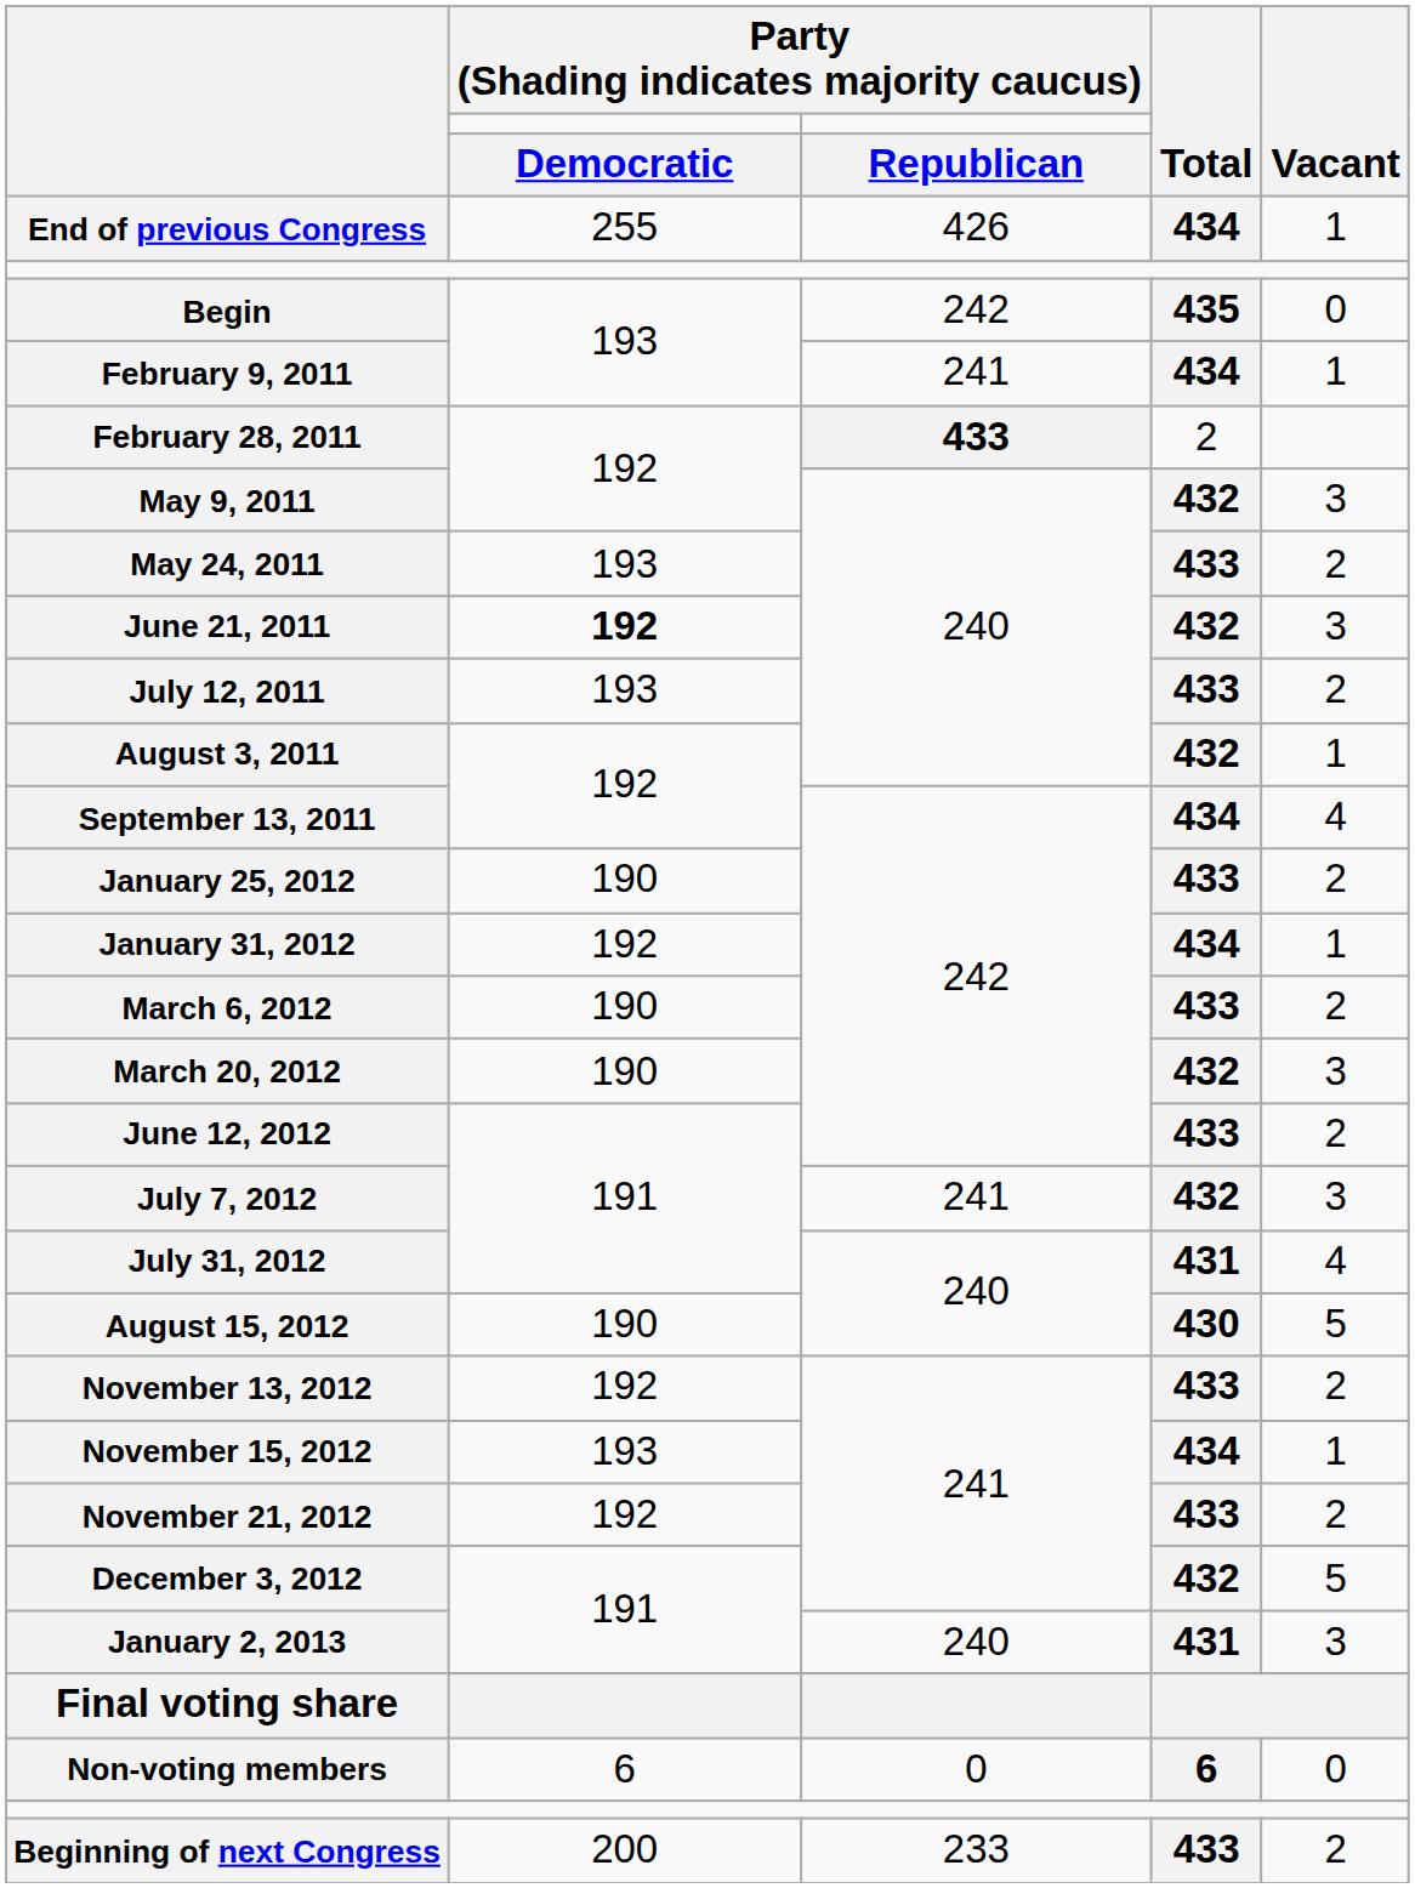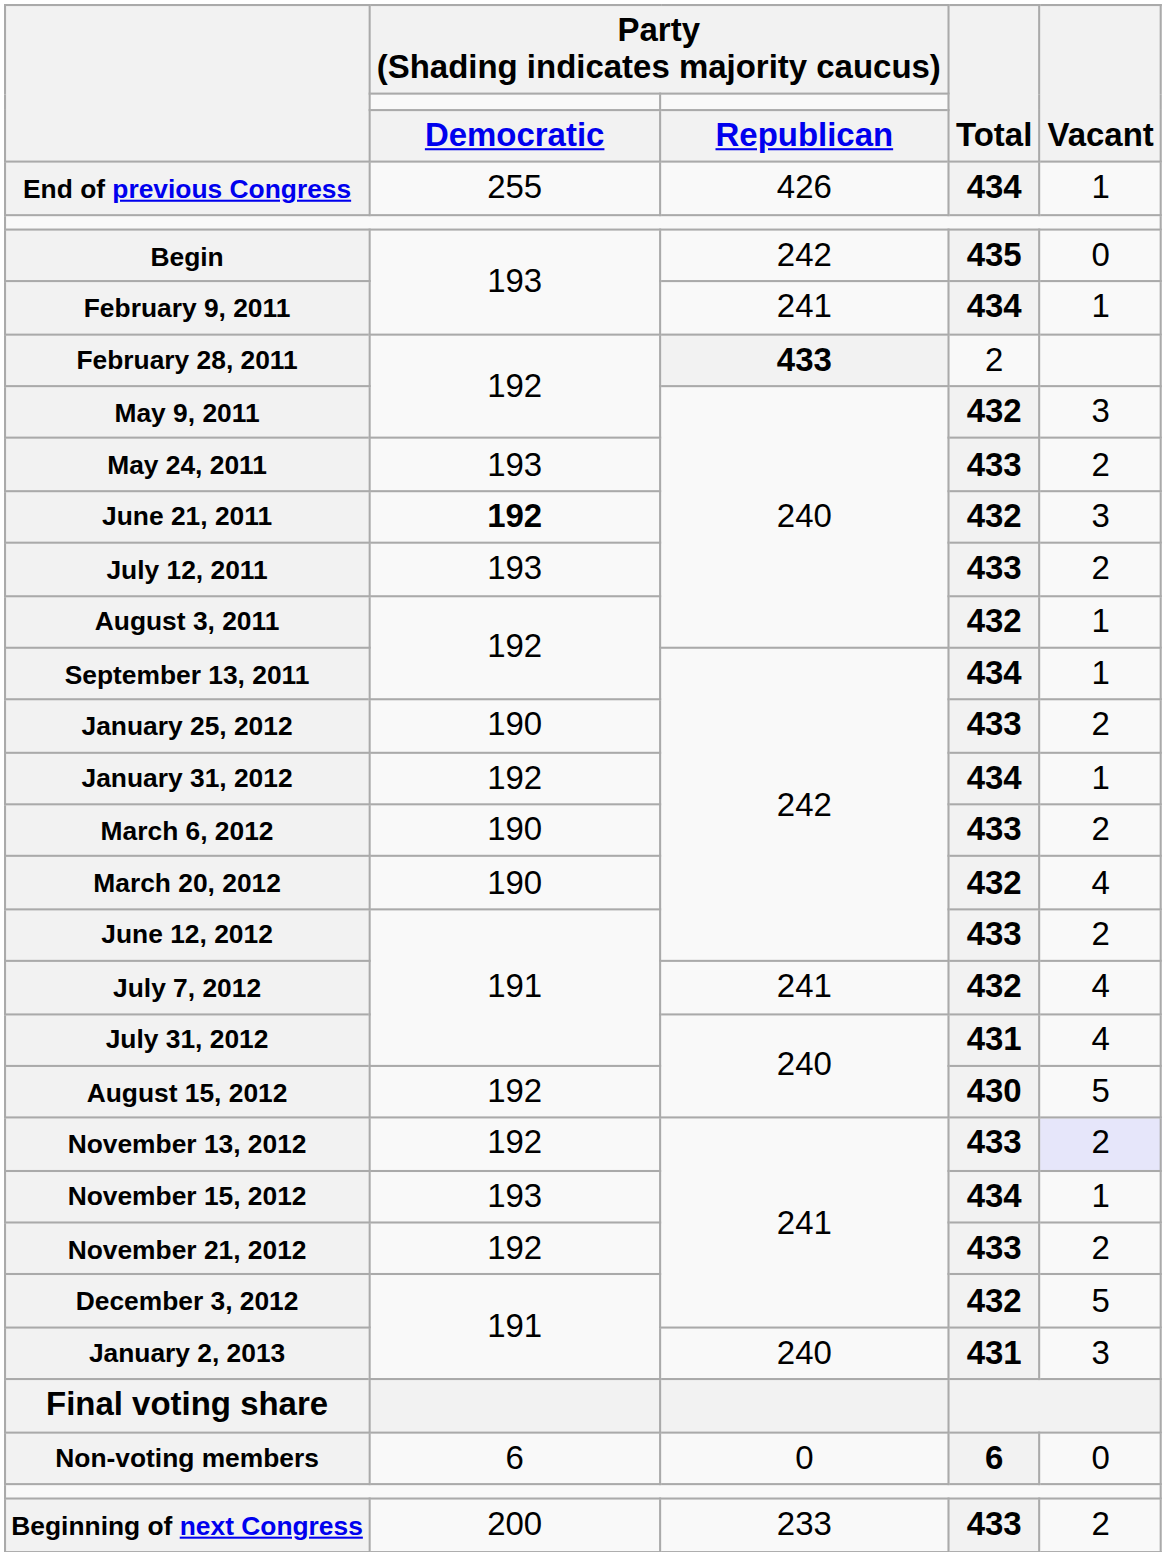 <table class=wikitable style="text-align:center">
 <tr style="vertical-align:bottom;">
 <th rowspan=3></th>
 <th colspan=2>Party <div>(Shading indicates majority caucus)</div></th>
 <th rowspan=3>Total</th>
 <th rowspan=3>Vacant</th>
 </tr>
 <tr style="height:5px">
 <td style="background-color:"></td>
 <td style="background-color:"></td>
 </tr>
 <tr>
 <th><a href='#'>Democratic</a></th>
 <th><a href='#'>Republican</a></th>
 </tr>
 <tr>
 <th style="font-size:80%">End of <a href='#'>previous Congress</a></th>
 <td>255</td>
 <td>426</td>
 <th>434</th>
 <td>1</td>
 </tr>
 <tr>
 <td colspan=6></td>
 </tr>
 <tr>
 <th style="font-size:80%">Begin</th>
 <td rowspan=2>193</td>
 <td>242</td>
 <th>435</th>
 <td>0</td>
 </tr>
 <tr>
 <th style="font-size:80%">February 9, 2011 </th>
 <td>241</td>
 <th>434</th>
 <td>1</td>
 </tr>
 <tr>
 <th style="font-size:80%">February 28, 2011 </th>
 <td rowspan=2>192</td>
 <th>433</th>
 <td>2</td>
 </tr>
 <tr>
 <th style="font-size:80%">May 9, 2011 </th>
 <td rowspan=5 >240</td>
 <th>432</th>
 <td>3</td>
 </tr>
 <tr>
 <th style="font-size:80%">May 24, 2011 </th>
 <td>193</td>
 <th>433</th>
 <td>2</td>
 </tr>
 <tr>
 <th style="font-size:80%">June 21, 2011  </th>
 <td><strong>192</strong></td>
 <th>432</th>
 <td>3</td>
 </tr>
 <tr>
 <th style="font-size:80%">July 12, 2011  </th>
 <td>193</td>
 <th>433</th>
 <td>2</td>
 </tr>
 <tr>
 <th style="font-size:80%">August 3, 2011  </th>
 <td rowspan=2>192</td>
 <th>432</th>
 <td>1</td>
 </tr>
 <tr>
 <th style="font-size:80%">September 13, 2011  </th>
 <td rowspan=6 >242</td>
 <th>434</th>
-<td>4</td>
+<td>1</td>
 </tr>
 <tr>
 <th style="font-size:80%">January 25, 2012  </th>
 <td>190</td>
 <th>433</th>
 <td>2</td>
 </tr>
 <tr>
 <th style="font-size:80%">January 31, 2012  </th>
 <td>192</td>
 <th>434</th>
 <td>1</td>
 </tr>
 <tr>
 <th style="font-size:80%">March 6, 2012  </th>
 <td>190</td>
 <th>433</th>
 <td>2</td>
 </tr>
 <tr>
 <th style="font-size:80%">March 20, 2012  </th>
 <td>190</td>
 <th>432</th>
-<td>3</td>
+<td>4</td>
 </tr>
 <tr>
 <th style="font-size:80%">June 12, 2012  </th>
 <td rowspan=3>191</td>
 <th>433</th>
 <td>2</td>
 </tr>
 <tr>
 <th style="font-size:80%">July 7, 2012  </th>
 <td>241</td>
 <th>432</th>
-<td>3</td>
+<td>4</td>
 </tr>
 <tr>
 <th style="font-size:80%">July 31, 2012  </th>
 <td rowspan=2 >240</td>
 <th>431</th>
 <td>4</td>
 </tr>
 <tr>
 <th style="font-size:80%">August 15, 2012 </th>
-<td>190</td>
+<td>192</td>
 <th>430</th>
 <td>5</td>
 </tr>
 <tr>
 <th style="font-size:80%">November 13, 2012 </th>
 <td>192</td>
 <td rowspan=4 >241</td>
 <th>433</th>
-<td>2</td>
+<td style="background: lavender;">2</td>
 </tr>
 <tr>
 <th style="font-size:80%">November 15, 2012 </th>
 <td>193</td>
 <th>434</th>
 <td>1</td>
 </tr>
 <tr>
 <th style="font-size:80%">November 21, 2012 </th>
 <td>192</td>
 <th>433</th>
 <td>2</td>
 </tr>
 <tr>
 <th style="font-size:80%">December 3, 2012 </th>
 <td rowspan=2>191</td>
 <th>432</th>
 <td>5</td>
 </tr>
 <tr>
 <th style="font-size:80%">January 2, 2013 </th>
 <td>240</td>
 <th>431</th>
 <td>3</td>
 </tr>
 <tr>
 <th>Final voting share</th>
 <th></th>
 <th></th>
 <th colspan=2></th>
 </tr>
 <tr>
 <th style=font-size:80%>Non-voting members</th>
 <td>6</td>
 <td>0</td>
 <th>6</th>
 <td>0</td>
 </tr>
 <tr>
 <td colspan=6></td>
 </tr>
 <tr>
 <th style="white-space:nowrap; font-size:80%;">Beginning of <a href='#'>next Congress</a></th>
 <td>200</td>
 <td>233</td>
 <th>433</th>
 <td>2</td>
 </tr>
 </table>
